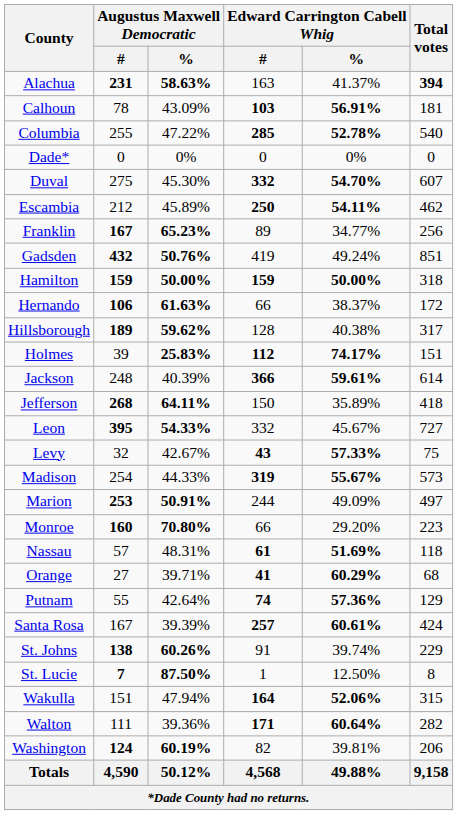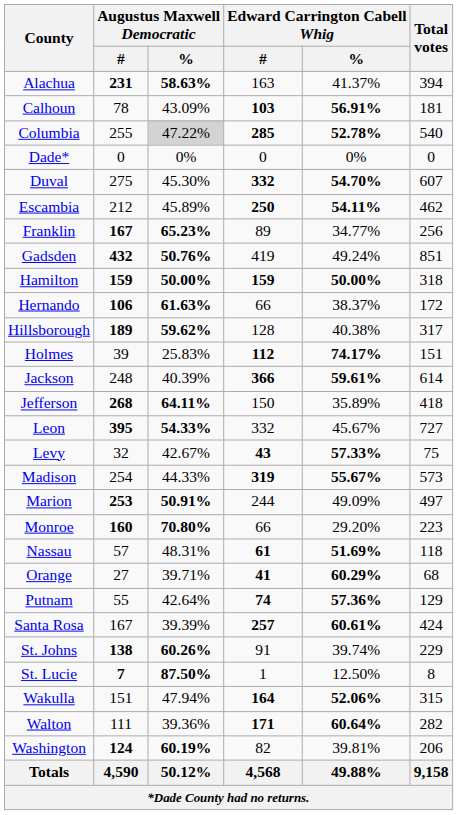 <table class="wikitable sortable">
 <tr>
 <th rowspan="2" colspan="1" style="text-align:center">County</th>
 <th colspan="2" >Augustus Maxwell<br><em>Democratic</em></th>
 <th colspan="2" style="text-align: center;" >Edward Carrington Cabell<br><em>Whig</em></th>
 <th rowspan="2" colspan="1" style="text-align: center;">Total<br>votes</th>
 </tr>
 <tr>
 <th colspan="1" style="text-align: center;" >#</th>
 <th colspan="1" style="text-align: center;" >%</th>
 <th colspan="1" style="text-align: center;" >#</th>
 <th colspan="1" style="text-align: center;" >%</th>
 </tr>
 <tr>
 <td align="center" ><a href='#'>Alachua</a></td>
 <td align="center"><strong>231</strong></td>
 <td align="center"><strong>58.63%</strong></td>
 <td align="center">163</td>
 <td align="center">41.37%</td>
-<td align="center"><strong>394</strong></td>
+<td align="center">394</td>
 </tr>
 <tr>
 <td align="center" ><a href='#'>Calhoun</a></td>
 <td align="center">78</td>
 <td align="center">43.09%</td>
 <td align="center"><strong>103</strong></td>
 <td align="center"><strong>56.91%</strong></td>
 <td align="center">181</td>
 </tr>
 <tr>
 <td align="center" ><a href='#'>Columbia</a></td>
 <td align="center">255</td>
-<td align="center">47.22%</td>
+<td align="center" style="background: lightgrey;">47.22%</td>
 <td align="center"><strong>285</strong></td>
 <td align="center"><strong>52.78%</strong></td>
 <td align="center">540</td>
 </tr>
 <tr>
 <td align="center" ><a href='#'>Dade*</a></td>
 <td align="center">0</td>
 <td align="center">0%</td>
 <td align="center">0</td>
 <td align="center">0%</td>
 <td align="center">0</td>
 </tr>
 <tr>
 <td align="center" ><a href='#'>Duval</a></td>
 <td align="center">275</td>
 <td align="center">45.30%</td>
 <td align="center"><strong>332</strong></td>
 <td align="center"><strong>54.70%</strong></td>
 <td align="center">607</td>
 </tr>
 <tr>
 <td align="center" ><a href='#'>Escambia</a></td>
 <td align="center">212</td>
 <td align="center">45.89%</td>
 <td align="center"><strong>250</strong></td>
 <td align="center"><strong>54.11%</strong></td>
 <td align="center">462</td>
 </tr>
 <tr>
 <td align="center" ><a href='#'>Franklin</a></td>
 <td align="center"><strong>167</strong></td>
 <td align="center"><strong>65.23%</strong></td>
 <td align="center">89</td>
 <td align="center">34.77%</td>
 <td align="center">256</td>
 </tr>
 <tr>
 <td align="center" ><a href='#'>Gadsden</a></td>
 <td align="center"><strong>432</strong></td>
 <td align="center"><strong>50.76%</strong></td>
 <td align="center">419</td>
 <td align="center">49.24%</td>
 <td align="center">851</td>
 </tr>
 <tr>
 <td align="center" ><a href='#'>Hamilton</a></td>
 <td align="center"><strong>159</strong></td>
 <td align="center"><strong>50.00%</strong></td>
 <td align="center"><strong>159</strong></td>
 <td align="center"><strong>50.00%</strong></td>
 <td align="center">318</td>
 </tr>
 <tr>
 <td align="center" ><a href='#'>Hernando</a></td>
 <td align="center"><strong>106</strong></td>
 <td align="center"><strong>61.63%</strong></td>
 <td align="center">66</td>
 <td align="center">38.37%</td>
 <td align="center">172</td>
 </tr>
 <tr>
 <td align="center" ><a href='#'>Hillsborough</a></td>
 <td align="center"><strong>189</strong></td>
 <td align="center"><strong>59.62%</strong></td>
 <td align="center">128</td>
 <td align="center">40.38%</td>
 <td align="center">317</td>
 </tr>
 <tr>
 <td align="center" ><a href='#'>Holmes</a></td>
 <td align="center">39</td>
-<td align="center"><strong>25.83%</strong></td>
+<td align="center">25.83%</td>
 <td align="center"><strong>112</strong></td>
 <td align="center"><strong>74.17%</strong></td>
 <td align="center">151</td>
 </tr>
 <tr>
 <td align="center" ><a href='#'>Jackson</a></td>
 <td align="center">248</td>
 <td align="center">40.39%</td>
 <td align="center"><strong>366</strong></td>
 <td align="center"><strong>59.61%</strong></td>
 <td align="center">614</td>
 </tr>
 <tr>
 <td align="center" ><a href='#'>Jefferson</a></td>
 <td align="center"><strong>268</strong></td>
 <td align="center"><strong>64.11%</strong></td>
 <td align="center">150</td>
 <td align="center">35.89%</td>
 <td align="center">418</td>
 </tr>
 <tr>
 <td align="center" ><a href='#'>Leon</a></td>
 <td align="center"><strong>395</strong></td>
 <td align="center"><strong>54.33%</strong></td>
 <td align="center">332</td>
 <td align="center">45.67%</td>
 <td align="center">727</td>
 </tr>
 <tr>
 <td align="center" ><a href='#'>Levy</a></td>
 <td align="center">32</td>
 <td align="center">42.67%</td>
 <td align="center"><strong>43</strong></td>
 <td align="center"><strong>57.33%</strong></td>
 <td align="center">75</td>
 </tr>
 <tr>
 <td align="center" ><a href='#'>Madison</a></td>
 <td align="center">254</td>
 <td align="center">44.33%</td>
 <td align="center"><strong>319</strong></td>
 <td align="center"><strong>55.67%</strong></td>
 <td align="center">573</td>
 </tr>
 <tr>
 <td align="center" ><a href='#'>Marion</a></td>
 <td align="center"><strong>253</strong></td>
 <td align="center"><strong>50.91%</strong></td>
 <td align="center">244</td>
 <td align="center">49.09%</td>
 <td align="center">497</td>
 </tr>
 <tr>
 <td align="center" ><a href='#'>Monroe</a></td>
 <td align="center"><strong>160</strong></td>
 <td align="center"><strong>70.80%</strong></td>
 <td align="center">66</td>
 <td align="center">29.20%</td>
 <td align="center">223</td>
 </tr>
 <tr>
 <td align="center" ><a href='#'>Nassau</a></td>
 <td align="center">57</td>
 <td align="center">48.31%</td>
 <td align="center"><strong>61</strong></td>
 <td align="center"><strong>51.69%</strong></td>
 <td align="center">118</td>
 </tr>
 <tr>
 <td align="center" ><a href='#'>Orange</a></td>
 <td align="center">27</td>
 <td align="center">39.71%</td>
 <td align="center"><strong>41</strong></td>
 <td align="center"><strong>60.29%</strong></td>
 <td align="center">68</td>
 </tr>
 <tr>
 <td align="center" ><a href='#'>Putnam</a></td>
 <td align="center">55</td>
 <td align="center">42.64%</td>
 <td align="center"><strong>74</strong></td>
 <td align="center"><strong>57.36%</strong></td>
 <td align="center">129</td>
 </tr>
 <tr>
 <td align="center" ><a href='#'>Santa Rosa</a></td>
 <td align="center">167</td>
 <td align="center">39.39%</td>
 <td align="center"><strong>257</strong></td>
 <td align="center"><strong>60.61%</strong></td>
 <td align="center">424</td>
 </tr>
 <tr>
 <td align="center" ><a href='#'>St. Johns</a></td>
 <td align="center"><strong>138</strong></td>
 <td align="center"><strong>60.26%</strong></td>
 <td align="center">91</td>
 <td align="center">39.74%</td>
 <td align="center">229</td>
 </tr>
 <tr>
 <td align="center" ><a href='#'>St. Lucie</a></td>
 <td align="center"><strong>7</strong></td>
 <td align="center"><strong>87.50%</strong></td>
 <td align="center">1</td>
 <td align="center">12.50%</td>
 <td align="center">8</td>
 </tr>
 <tr>
 <td align="center" ><a href='#'>Wakulla</a></td>
 <td align="center">151</td>
 <td align="center">47.94%</td>
 <td align="center"><strong>164</strong></td>
 <td align="center"><strong>52.06%</strong></td>
 <td align="center">315</td>
 </tr>
 <tr>
 <td align="center" ><a href='#'>Walton</a></td>
 <td align="center">111</td>
 <td align="center">39.36%</td>
 <td align="center"><strong>171</strong></td>
 <td align="center"><strong>60.64%</strong></td>
 <td align="center">282</td>
 </tr>
 <tr>
 <td align="center" ><a href='#'>Washington</a></td>
 <td align="center"><strong>124</strong></td>
 <td align="center"><strong>60.19%</strong></td>
 <td align="center">82</td>
 <td align="center">39.81%</td>
 <td align="center">206</td>
 </tr>
 <tr>
 <th>Totals</th>
 <th>4,590</th>
 <th>50.12%</th>
 <th>4,568</th>
 <th>49.88%</th>
 <th>9,158</th>
 </tr>
 <tr>
 <th colspan="6"><strong><em><small>*Dade County had no returns.</small></em></strong></th>
 </tr>
 </table>
